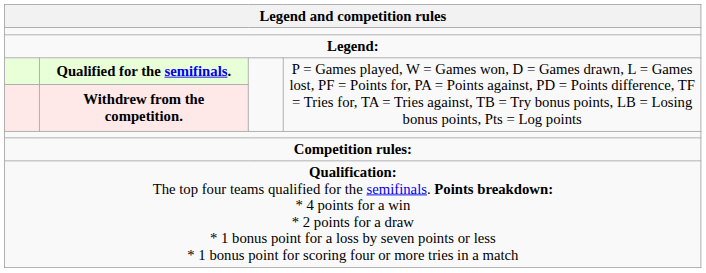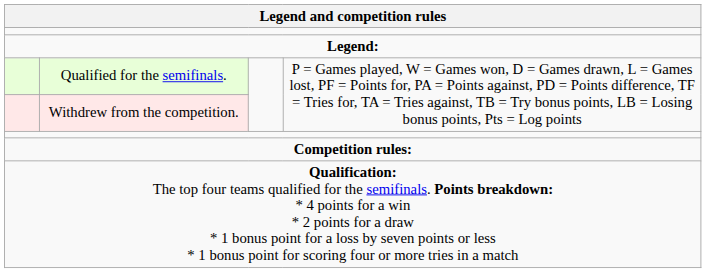 <table class="wikitable collapsible collapsed" style="text-align:center; font-size:100%; width:60%;">
 <tr>
 <th colspan="100%" style="border:0px">Legend and competition rules</th>
 </tr>
 <tr>
 <td colspan="100%"></td>
 </tr>
 <tr>
 <td colspan="100%" style="border:0px"><strong>Legend:</strong></td>
 </tr>
 <tr>
 <td style="width:5%; background:#E8FFD8"></td>
-<td style="width:30%; background:#E8FFD8"><strong>Qualified for the <a href='#'>semifinals</a>.</strong></td>
+<td style="width:30%; background:#E8FFD8">Qualified for the <a href='#'>semifinals</a>.</td>
 <td rowspan="2" style="width:5%;"></td>
 <td rowspan="2" style="width:60%;">P = Games played, W = Games won, D = Games drawn, L = Games lost, PF = Points for, PA = Points against, PD = Points difference, TF = Tries for, TA = Tries against, TB = Try bonus points, LB = Losing bonus points, Pts = Log points</td>
 </tr>
 <tr>
 <td style="width:5%; background:#FFE8E8"></td>
-<td style="width:30%; background:#FFE8E8"><strong>Withdrew from the competition.</strong></td>
+<td style="width:30%; background:#FFE8E8">Withdrew from the competition.</td>
 </tr>
 <tr>
 <td colspan="100%"></td>
 </tr>
 <tr>
 <td colspan="100%" style="border:0px"><strong>Competition rules:</strong></td>
 </tr>
 <tr>
 <td colspan="100%"><strong>Qualification:</strong><br>The top four teams qualified for the <a href='#'>semifinals</a>. <strong>Points breakdown:</strong><br>* 4 points for a win<br>* 2 points for a draw<br>* 1 bonus point for a loss by seven points or less<br>* 1 bonus point for scoring four or more tries in a match</td>
 </tr>
 </table>
